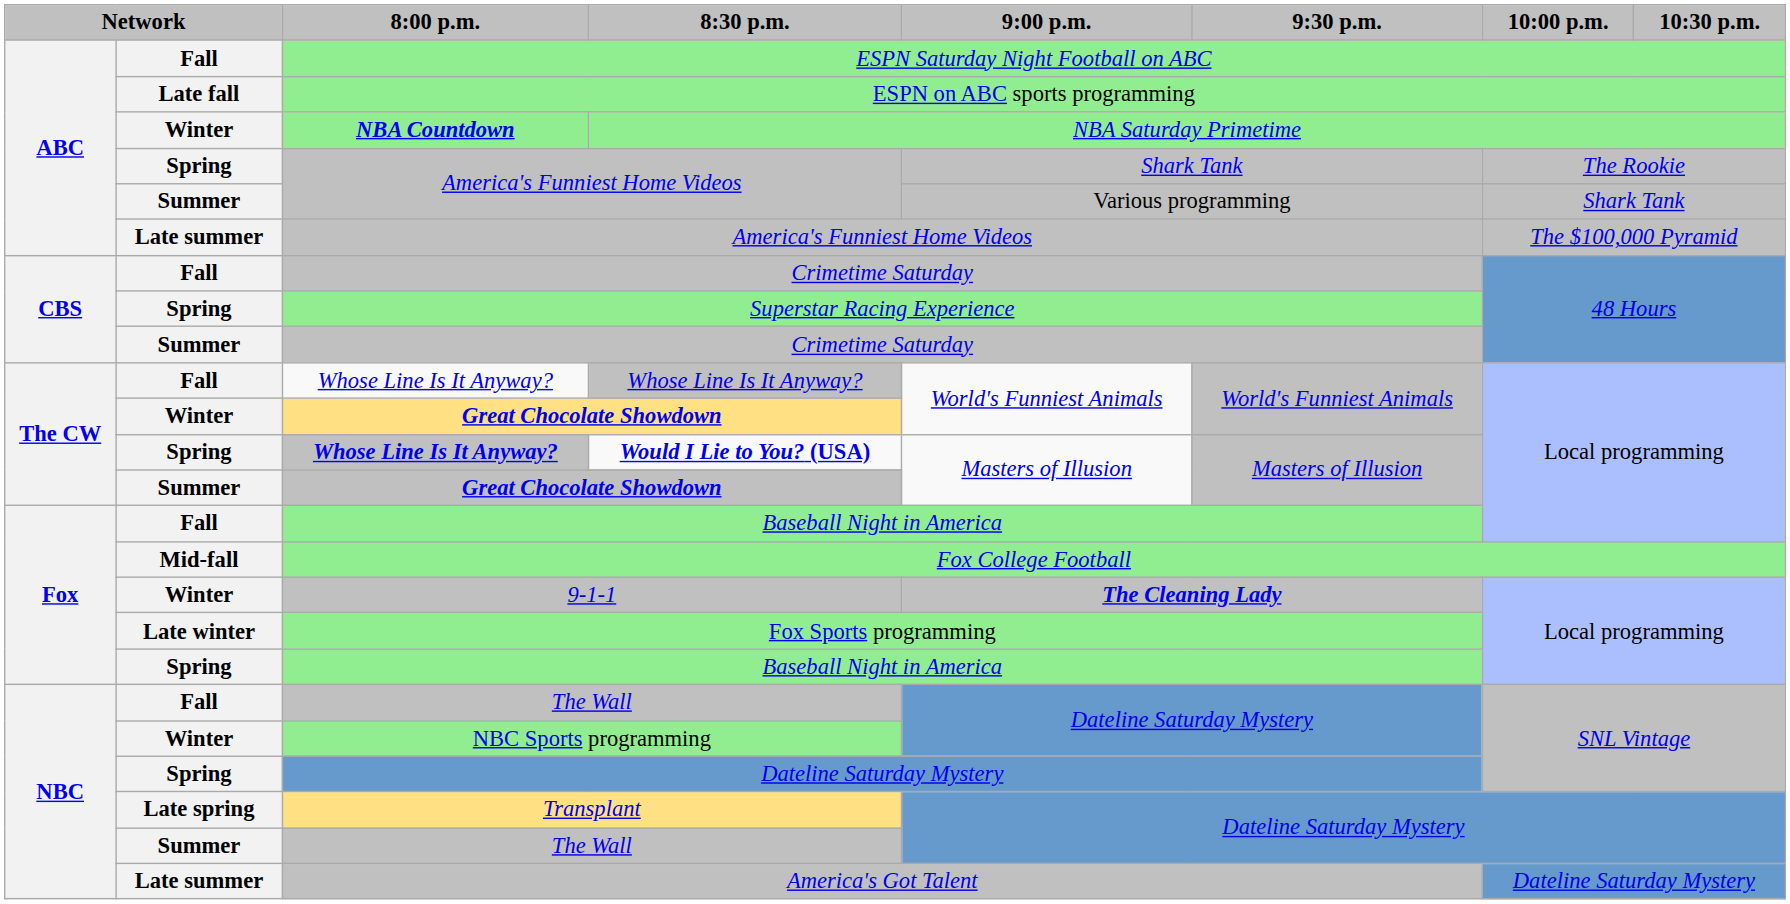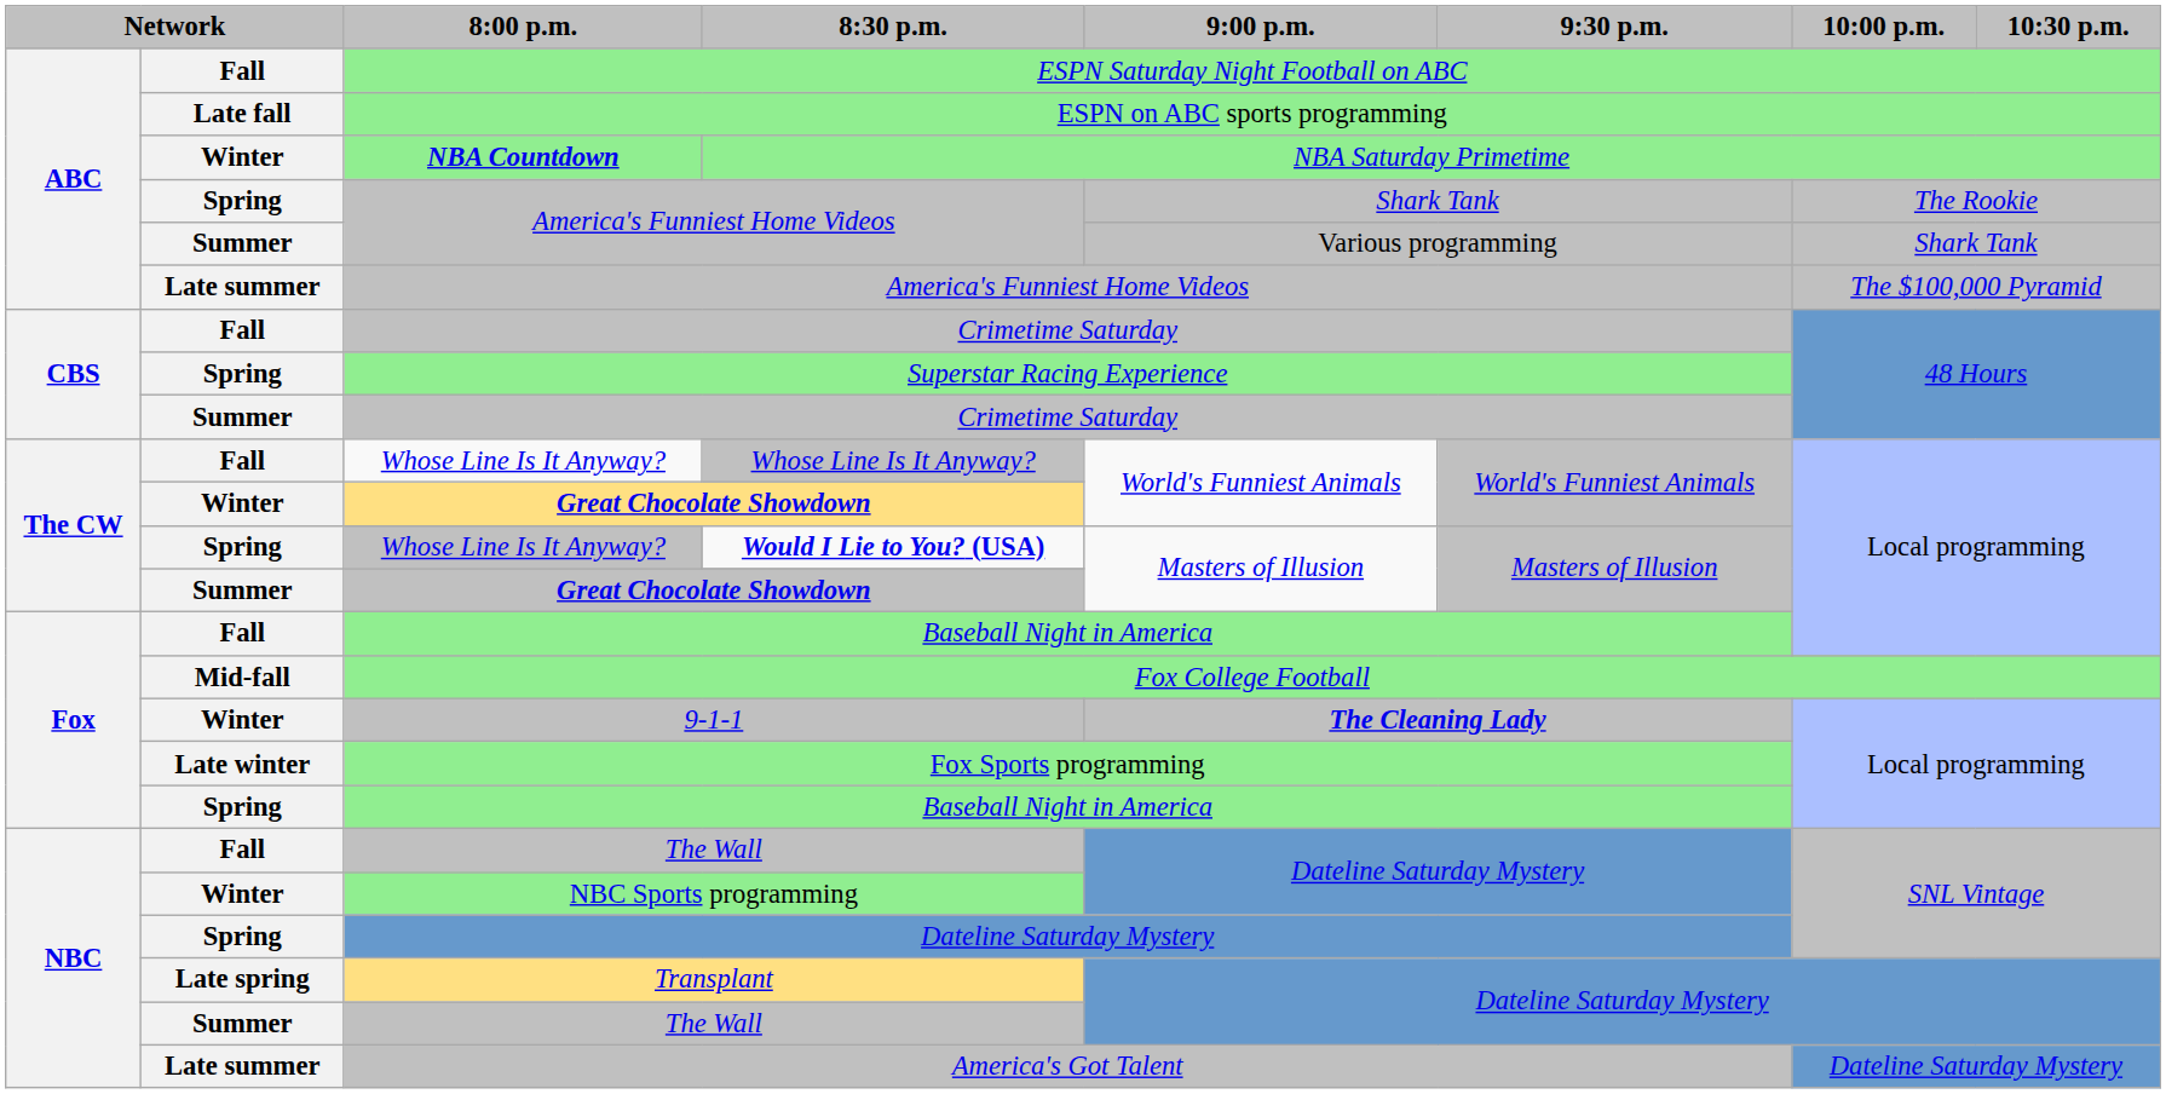 <table class="wikitable" style="width:100%;margin-right:0;text-align:center">
 <tr>
 <th colspan="2" style="background-color:#C0C0C0;text-align:center">Network</th>
 <th style="background-color:#C0C0C0;text-align:center">8:00 p.m.</th>
 <th style="background-color:#C0C0C0;text-align:center">8:30 p.m.</th>
 <th style="background-color:#C0C0C0;text-align:center">9:00 p.m.</th>
 <th style="background-color:#C0C0C0;text-align:center">9:30 p.m.</th>
 <th style="background-color:#C0C0C0;text-align:center">10:00 p.m.</th>
 <th style="background-color:#C0C0C0;text-align:center">10:30 p.m.</th>
 </tr>
 <tr>
 <th rowspan="6"><a href='#'>ABC</a></th>
 <th>Fall</th>
 <td colspan="6" style="background:lightgreen"><em><a href='#'>ESPN Saturday Night Football on ABC</a></em> </td>
 </tr>
 <tr>
 <th>Late fall</th>
 <td colspan="6" style="background:lightgreen"><a href='#'>ESPN on ABC</a> sports programming</td>
 </tr>
 <tr>
 <th>Winter</th>
 <td style="background:lightgreen"><strong><em><a href='#'>NBA Countdown</a></em></strong></td>
 <td colspan="5" style="background:lightgreen"><em><a href='#'>NBA Saturday Primetime</a></em></td>
 </tr>
 <tr>
 <th>Spring</th>
 <td rowspan="2" colspan="2" style="background:#C0C0C0;"><em><a href='#'>America's Funniest Home Videos</a></em> </td>
 <td colspan="2" style="background:#C0C0C0;"><em><a href='#'>Shark Tank</a></em> </td>
 <td colspan="2" style="background:#C0C0C0;"><em><a href='#'>The Rookie</a></em> </td>
 </tr>
 <tr>
 <th>Summer</th>
 <td colspan="2" style="background:#C0C0C0;">Various programming</td>
 <td colspan="2" style="background:#C0C0C0;"><em><a href='#'>Shark Tank</a></em> </td>
 </tr>
 <tr>
 <th>Late summer</th>
 <td colspan="4" style="background:#C0C0C0;"><em><a href='#'>America's Funniest Home Videos</a></em> </td>
 <td colspan="2" style="background:#C0C0C0;"><em><a href='#'>The $100,000 Pyramid</a></em> </td>
 </tr>
 <tr>
 <th rowspan="3"><a href='#'>CBS</a></th>
 <th>Fall</th>
 <td colspan="4" style="background:#C0C0C0;"><em><a href='#'>Crimetime Saturday</a></em></td>
 <td rowspan="3" colspan="2" style="background:#6699CC;"><em><a href='#'>48 Hours</a></em></td>
 </tr>
 <tr>
 <th>Spring</th>
 <td colspan="4" style="background:lightgreen"><em><a href='#'>Superstar Racing Experience</a></em></td>
 </tr>
 <tr>
 <th>Summer</th>
 <td colspan="4" style="background:#C0C0C0;"><em><a href='#'>Crimetime Saturday</a></em></td>
 </tr>
 <tr>
 <th rowspan="4"><a href='#'>The CW</a></th>
 <th>Fall</th>
 <td><em><a href='#'>Whose Line Is It Anyway?</a></em></td>
 <td style="background:#C0C0C0;"><em><a href='#'>Whose Line Is It Anyway?</a></em> </td>
 <td rowspan="2"><em><a href='#'>World's Funniest Animals</a></em></td>
 <td rowspan="2" style="background:#C0C0C0;"><em><a href='#'>World's Funniest Animals</a></em> </td>
 <td rowspan="5" colspan="2" style="background:#abbfff;">Local programming</td>
 </tr>
 <tr>
 <th>Winter</th>
 <td colspan="2" style="background:#FFE082;"><strong><em><a href='#'>Great Chocolate Showdown</a></em></strong></td>
 </tr>
 <tr>
 <th>Spring</th>
-<td style="background:#C0C0C0;"><strong><em><a href='#'>Whose Line Is It Anyway?</a></em> </strong></td>
+<td style="background:#C0C0C0;"><em><a href='#'>Whose Line Is It Anyway?</a></em> </td>
 <td><strong><a href='#'><em>Would I Lie to You?</em> (USA)</a></strong></td>
 <td rowspan="2"><em><a href='#'>Masters of Illusion</a></em></td>
 <td rowspan="2" style="background:#C0C0C0;"><em><a href='#'>Masters of Illusion</a></em> </td>
 </tr>
 <tr>
 <th>Summer</th>
 <td colspan="2" style="background:#C0C0C0;"><strong><em><a href='#'>Great Chocolate Showdown</a></em></strong> </td>
 </tr>
 <tr>
 <th rowspan="5"><a href='#'>Fox</a></th>
 <th>Fall</th>
 <td colspan="4" style="background:lightgreen;"><em><a href='#'>Baseball Night in America</a></em> </td>
 </tr>
 <tr>
 <th>Mid-fall</th>
 <td colspan="6" style="background:lightgreen"><em><a href='#'>Fox College Football</a></em> </td>
 </tr>
 <tr>
 <th>Winter</th>
 <td colspan="2" style="background:#C0C0C0;"><em><a href='#'>9-1-1</a></em> </td>
 <td colspan="2" style="background:#C0C0C0;"><strong><em><a href='#'>The Cleaning Lady</a></em></strong> </td>
 <td rowspan="3" colspan="2" style="background:#abbfff;">Local programming</td>
 </tr>
 <tr>
 <th>Late winter</th>
 <td colspan="4" style="background:lightgreen"><a href='#'>Fox Sports</a> programming</td>
 </tr>
 <tr>
 <th>Spring</th>
 <td colspan="4" style="background:lightgreen"><em><a href='#'>Baseball Night in America</a></em> </td>
 </tr>
 <tr>
 <th rowspan="6"><a href='#'>NBC</a></th>
 <th>Fall</th>
 <td colspan="2" style="background:#C0C0C0;"><em><a href='#'>The Wall</a></em> </td>
 <td rowspan="2" colspan="2" style="background:#6699CC;"><em><a href='#'>Dateline Saturday Mystery</a></em></td>
 <td rowspan="3" colspan="2" style="background:#C0C0C0;"><em><a href='#'>SNL Vintage</a></em></td>
 </tr>
 <tr>
 <th>Winter</th>
 <td colspan="2" style="background:lightgreen"><a href='#'>NBC Sports</a> programming</td>
 </tr>
 <tr>
 <th>Spring</th>
 <td colspan="4" style="background:#6699CC;"><em><a href='#'>Dateline Saturday Mystery</a></em></td>
 </tr>
 <tr>
 <th>Late spring</th>
 <td colspan="2" style="background:#FFE082;"><em><a href='#'>Transplant</a></em></td>
 <td rowspan="2" colspan="4" style="background:#6699CC;"><em><a href='#'>Dateline Saturday Mystery</a></em></td>
 </tr>
 <tr>
 <th>Summer</th>
 <td colspan="2" style="background:#C0C0C0;"><em><a href='#'>The Wall</a></em> </td>
 </tr>
 <tr>
 <th>Late summer</th>
 <td colspan="4" style="background:#C0C0C0;"><em><a href='#'>America's Got Talent</a></em> </td>
 <td colspan="2" style="background:#6699CC;"><em><a href='#'>Dateline Saturday Mystery</a></em></td>
 </tr>
 </table>
